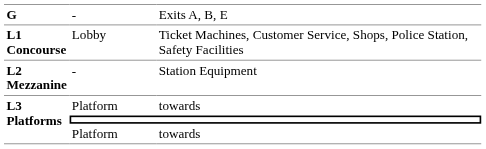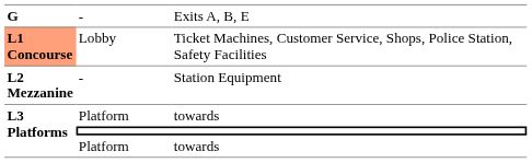 <table border=0 cellspacing=0 cellpadding=3>
 <tr>
 <td style="border-top:solid 1px gray;" width=50 valign=top><strong>G</strong></td>
 <td style="border-top:solid 1px gray;" width=100 valign=top>-</td>
 <td style="border-top:solid 1px gray;" width=390 valign=top>Exits A, B, E</td>
 </tr>
 <tr>
-<td style="border-bottom:solid 1px gray; border-top:solid 1px gray;" valign=top><strong>L1<br>Concourse</strong></td>
+<td style="background: lightsalmon; border-bottom:solid 1px gray; border-top:solid 1px gray;" valign=top><strong>L1<br>Concourse</strong></td>
 <td style="border-bottom:solid 1px gray; border-top:solid 1px gray;" valign=top>Lobby</td>
 <td style="border-bottom:solid 1px gray; border-top:solid 1px gray;" valign=top>Ticket Machines, Customer Service, Shops, Police Station, Safety Facilities</td>
 </tr>
 <tr>
 <td style="border-bottom:solid 1px gray;" valign=top><strong>L2<br>Mezzanine</strong></td>
 <td style="border-bottom:solid 1px gray;" valign=top>-</td>
 <td style="border-bottom:solid 1px gray;" valign=top>Station Equipment</td>
 </tr>
 <tr>
 <td style="border-bottom:solid 1px gray;" rowspan=3 valign=top><strong>L3<br>Platforms</strong></td>
 <td>Platform </td>
 <td>  towards  </td>
 </tr>
 <tr>
 <td style="border-right:solid 2px black;border-left:solid 2px black;border-top:solid 2px black;border-bottom:solid 2px black;text-align:center;" colspan=2></td>
 </tr>
 <tr>
 <td style="border-bottom:solid 1px gray;">Platform </td>
 <td style="border-bottom:solid 1px gray;"> towards   </td>
 </tr>
 </table>
